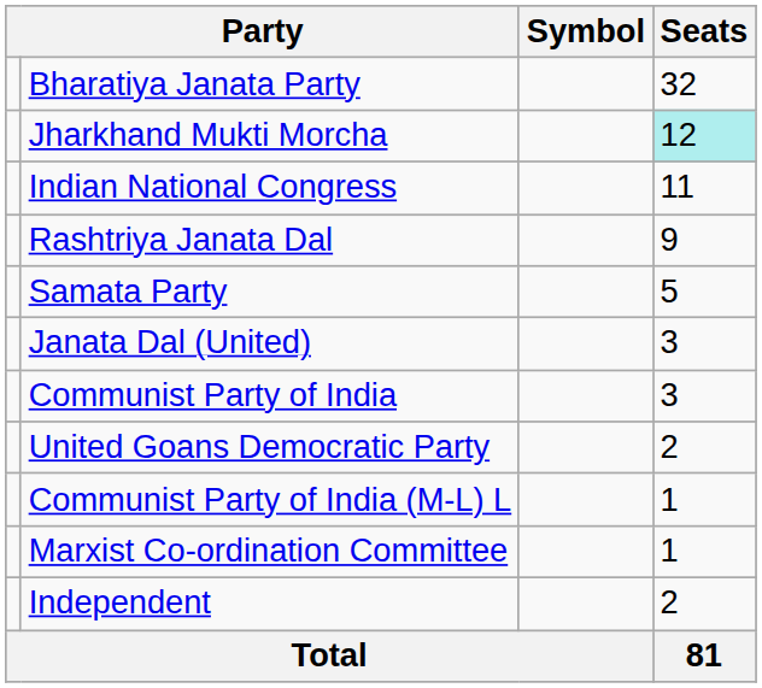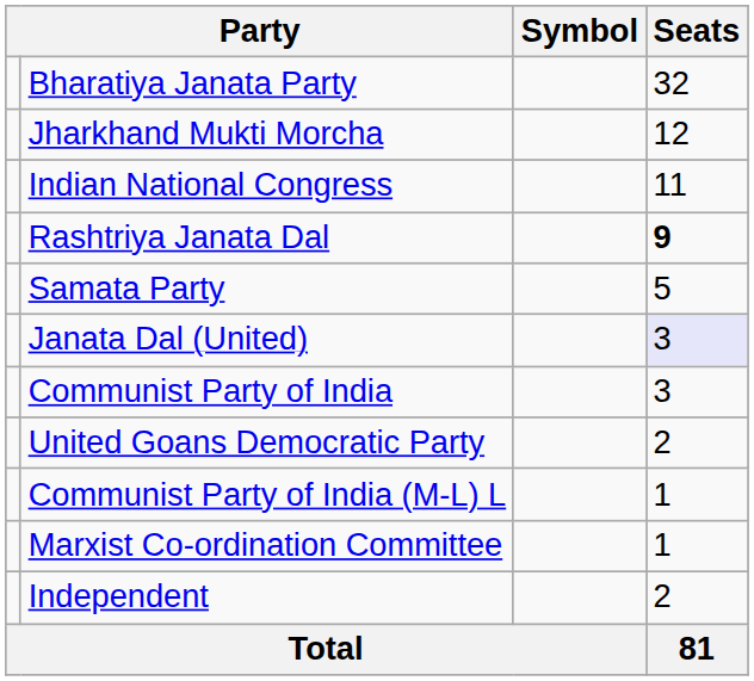 <table class="wikitable">
 <tr>
 <th colspan="2">Party</th>
 <th>Symbol</th>
 <th>Seats</th>
 </tr>
 <tr>
 <td style="background-color: "></td>
 <td><a href='#'>Bharatiya Janata Party</a></td>
 <td></td>
 <td>32</td>
 </tr>
 <tr>
 <td style="background-color: "></td>
 <td><a href='#'>Jharkhand Mukti Morcha</a></td>
 <td></td>
-<td style="background: paleturquoise;">12</td>
+<td>12</td>
 </tr>
 <tr>
 <td style="background-color: "></td>
 <td><a href='#'>Indian National Congress</a></td>
 <td></td>
 <td>11</td>
 </tr>
 <tr>
 <td style="background-color: "></td>
 <td><a href='#'>Rashtriya Janata Dal</a></td>
 <td></td>
-<td>9</td>
+<td><strong>9</strong></td>
 </tr>
 <tr>
 <td style="background-color: "></td>
 <td><a href='#'>Samata Party</a></td>
 <td></td>
 <td>5</td>
 </tr>
 <tr>
 <td style="background-color: "></td>
 <td><a href='#'>Janata Dal (United)</a></td>
 <td></td>
-<td>3</td>
+<td style="background: lavender;">3</td>
 </tr>
 <tr>
 <td style="background-color: "></td>
 <td><a href='#'>Communist Party of India</a></td>
 <td></td>
 <td>3</td>
 </tr>
 <tr>
 <td style="background-color: "></td>
 <td><a href='#'>United Goans Democratic Party</a></td>
 <td></td>
 <td>2</td>
 </tr>
 <tr>
 <td style="background-color: "></td>
 <td><a href='#'>Communist Party of India (M-L) L</a></td>
 <td></td>
 <td>1</td>
 </tr>
 <tr>
 <td style="background-color: "></td>
 <td><a href='#'>Marxist Co-ordination Committee</a></td>
 <td></td>
 <td>1</td>
 </tr>
 <tr>
 <td style="background-color: "></td>
 <td><a href='#'>Independent</a></td>
 <td></td>
 <td>2</td>
 </tr>
 <tr>
 <th colspan="3">Total</th>
 <th>81</th>
 </tr>
 </table>
